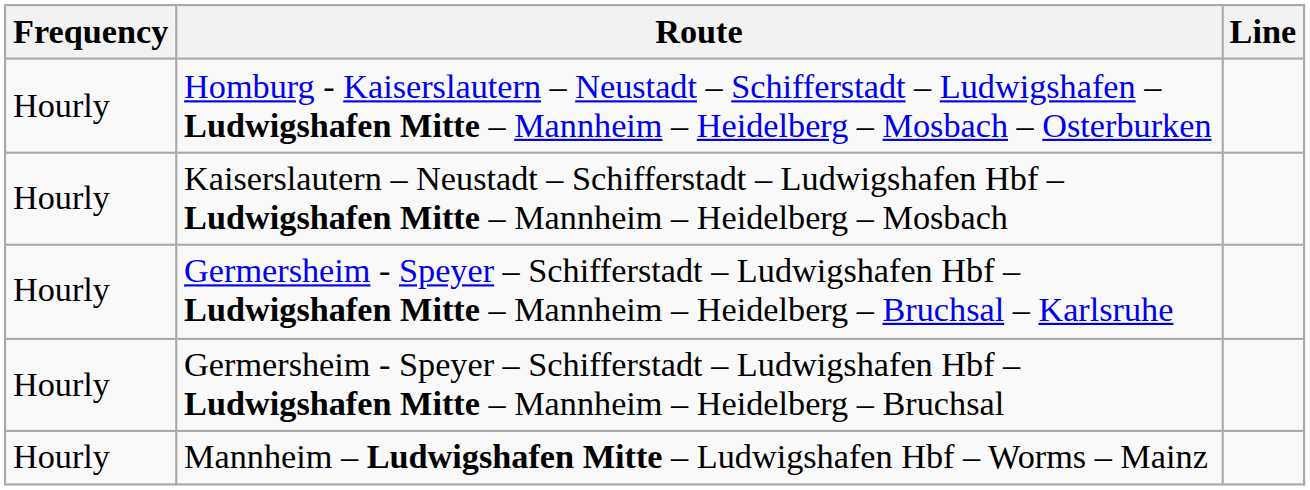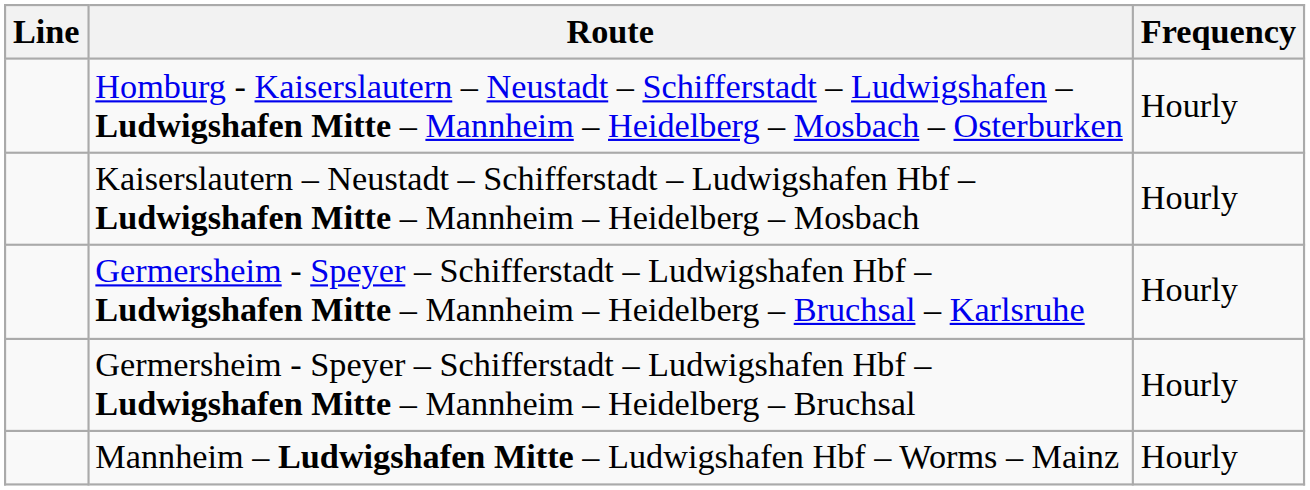 <table class="wikitable">
 <tr>
+<th>Line</th>
+<th>Route</th>
 <th>Frequency</th>
-<th>Route</th>
-<th>Line</th>
 </tr>
 <tr>
+<td></td>
+<td><a href='#'>Homburg</a> - <a href='#'>Kaiserslautern</a> – <a href='#'>Neustadt</a> – <a href='#'>Schifferstadt</a> – <a href='#'>Ludwigshafen</a> – <strong>Ludwigshafen Mitte</strong> – <a href='#'>Mannheim</a> – <a href='#'>Heidelberg</a> – <a href='#'>Mosbach</a> – <a href='#'>Osterburken</a></td>
 <td>Hourly</td>
-<td><a href='#'>Homburg</a> - <a href='#'>Kaiserslautern</a> – <a href='#'>Neustadt</a> – <a href='#'>Schifferstadt</a> – <a href='#'>Ludwigshafen</a> – <strong>Ludwigshafen Mitte</strong> – <a href='#'>Mannheim</a> – <a href='#'>Heidelberg</a> – <a href='#'>Mosbach</a> – <a href='#'>Osterburken</a></td>
-<td></td>
 </tr>
 <tr>
+<td></td>
+<td>Kaiserslautern – Neustadt – Schifferstadt – Ludwigshafen Hbf – <strong>Ludwigshafen Mitte</strong> – Mannheim – Heidelberg – Mosbach</td>
 <td>Hourly</td>
-<td>Kaiserslautern – Neustadt – Schifferstadt – Ludwigshafen Hbf – <strong>Ludwigshafen Mitte</strong> – Mannheim – Heidelberg – Mosbach</td>
-<td></td>
 </tr>
 <tr>
+<td></td>
+<td><a href='#'>Germersheim</a> - <a href='#'>Speyer</a> – Schifferstadt – Ludwigshafen Hbf – <strong>Ludwigshafen Mitte</strong> – Mannheim – Heidelberg – <a href='#'>Bruchsal</a> – <a href='#'>Karlsruhe</a></td>
 <td>Hourly</td>
-<td><a href='#'>Germersheim</a> - <a href='#'>Speyer</a> – Schifferstadt – Ludwigshafen Hbf – <strong>Ludwigshafen Mitte</strong> – Mannheim – Heidelberg – <a href='#'>Bruchsal</a> – <a href='#'>Karlsruhe</a></td>
-<td></td>
 </tr>
 <tr>
+<td></td>
+<td>Germersheim - Speyer – Schifferstadt – Ludwigshafen Hbf – <strong>Ludwigshafen Mitte</strong> – Mannheim – Heidelberg – Bruchsal</td>
 <td>Hourly</td>
-<td>Germersheim - Speyer – Schifferstadt – Ludwigshafen Hbf – <strong>Ludwigshafen Mitte</strong> – Mannheim – Heidelberg – Bruchsal</td>
-<td></td>
 </tr>
 <tr>
+<td></td>
+<td>Mannheim – <strong>Ludwigshafen Mitte</strong> – Ludwigshafen Hbf – Worms – Mainz</td>
 <td>Hourly</td>
-<td>Mannheim – <strong>Ludwigshafen Mitte</strong> – Ludwigshafen Hbf – Worms – Mainz</td>
-<td></td>
 </tr>
 </table>
